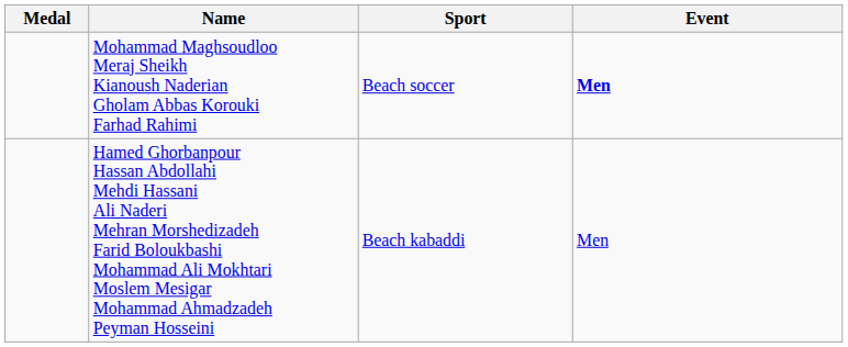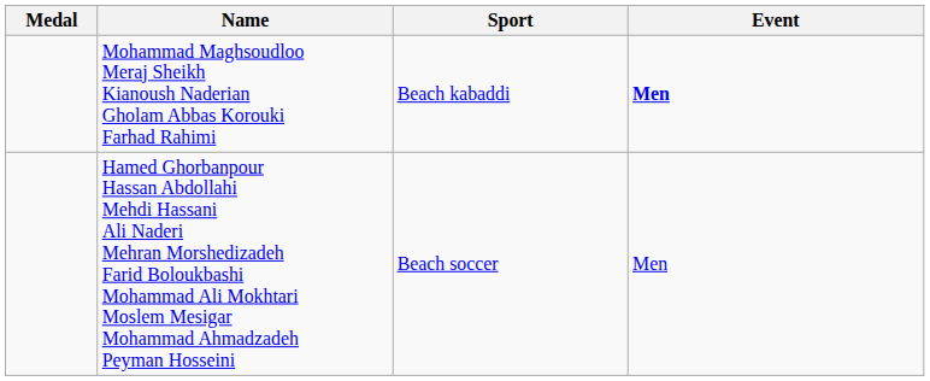 <table class="wikitable sortable" style="text-align:left;">
 <tr>
 <th width="70">Medal</th>
 <th width="240">Name</th>
 <th width="190">Sport</th>
 <th width="240">Event</th>
 </tr>
 <tr>
 <td></td>
 <td><a href='#'>Mohammad Maghsoudloo</a><br><a href='#'>Meraj Sheikh</a><br><a href='#'>Kianoush Naderian</a><br><a href='#'>Gholam Abbas Korouki</a><br><a href='#'>Farhad Rahimi</a></td>
-<td><a href='#'>Beach soccer</a></td>
+<td><a href='#'>Beach kabaddi</a></td>
 <td><strong><a href='#'>Men</a></strong></td>
 </tr>
 <tr>
 <td></td>
 <td><a href='#'>Hamed Ghorbanpour</a><br><a href='#'>Hassan Abdollahi</a><br><a href='#'>Mehdi Hassani</a><br><a href='#'>Ali Naderi</a><br><a href='#'>Mehran Morshedizadeh</a><br><a href='#'>Farid Boloukbashi</a><br><a href='#'>Mohammad Ali Mokhtari</a><br><a href='#'>Moslem Mesigar</a><br><a href='#'>Mohammad Ahmadzadeh</a><br><a href='#'>Peyman Hosseini</a></td>
-<td><a href='#'>Beach kabaddi</a></td>
+<td><a href='#'>Beach soccer</a></td>
 <td><a href='#'>Men</a></td>
 </tr>
 </table>
